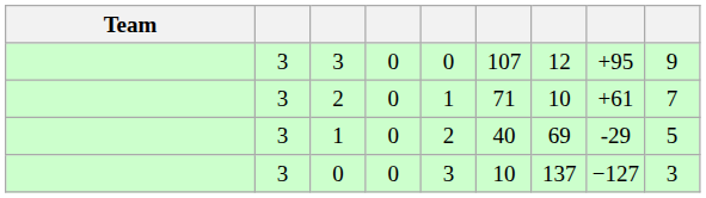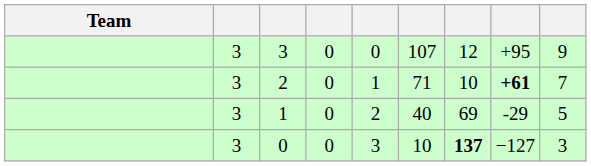 <table class="wikitable" style="text-align:center; font-size:95%;">
 <tr>
 <th width=160>Team</th>
 <th width=30></th>
 <th width=30></th>
 <th width=30></th>
 <th width=30></th>
 <th width=30></th>
 <th width=30></th>
 <th width=30></th>
 <th width=30></th>
 </tr>
 <tr style="background:#ccffcc">
 <td align=left></td>
 <td>3</td>
 <td>3</td>
 <td>0</td>
 <td>0</td>
 <td>107</td>
 <td>12</td>
 <td>+95</td>
 <td>9</td>
 </tr>
 <tr style="background:#ccffcc">
 <td align=left></td>
 <td>3</td>
 <td>2</td>
 <td>0</td>
 <td>1</td>
 <td>71</td>
 <td>10</td>
-<td>+61</td>
+<td><strong>+61</strong></td>
 <td>7</td>
 </tr>
 <tr style="background:#ccffcc">
 <td align=left></td>
 <td>3</td>
 <td>1</td>
 <td>0</td>
 <td>2</td>
 <td>40</td>
 <td>69</td>
 <td>-29</td>
 <td>5</td>
 </tr>
 <tr style="background:#ccffcc">
 <td align=left></td>
 <td>3</td>
 <td>0</td>
 <td>0</td>
 <td>3</td>
 <td>10</td>
-<td>137</td>
+<td><strong>137</strong></td>
 <td>−127</td>
 <td>3</td>
 </tr>
 </table>
